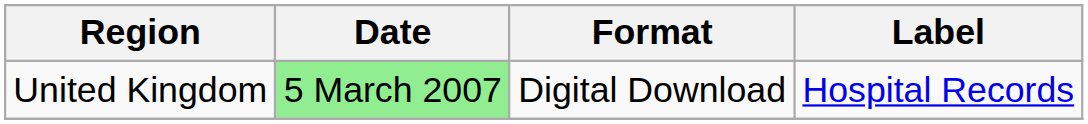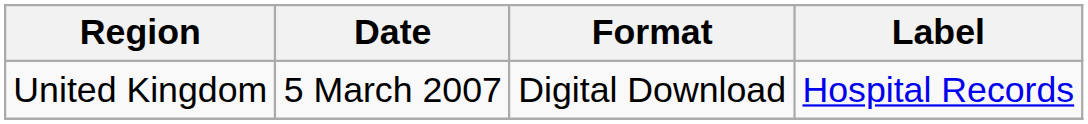 <table class=wikitable>
 <tr>
 <th>Region</th>
 <th>Date</th>
 <th>Format</th>
 <th>Label</th>
 </tr>
 <tr>
 <td>United Kingdom</td>
-<td style="background: lightgreen;">5 March 2007</td>
+<td>5 March 2007</td>
 <td>Digital Download</td>
 <td><a href='#'>Hospital Records</a></td>
 </tr>
 <tr>
 </tr>
 </table>
